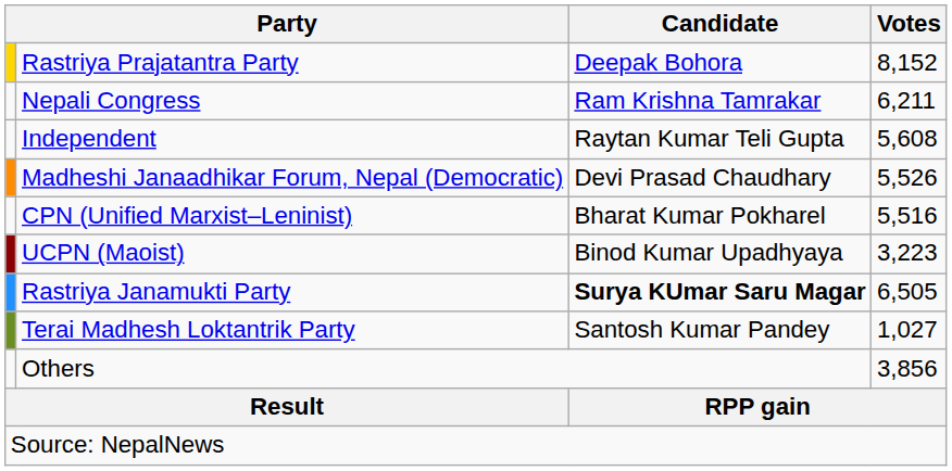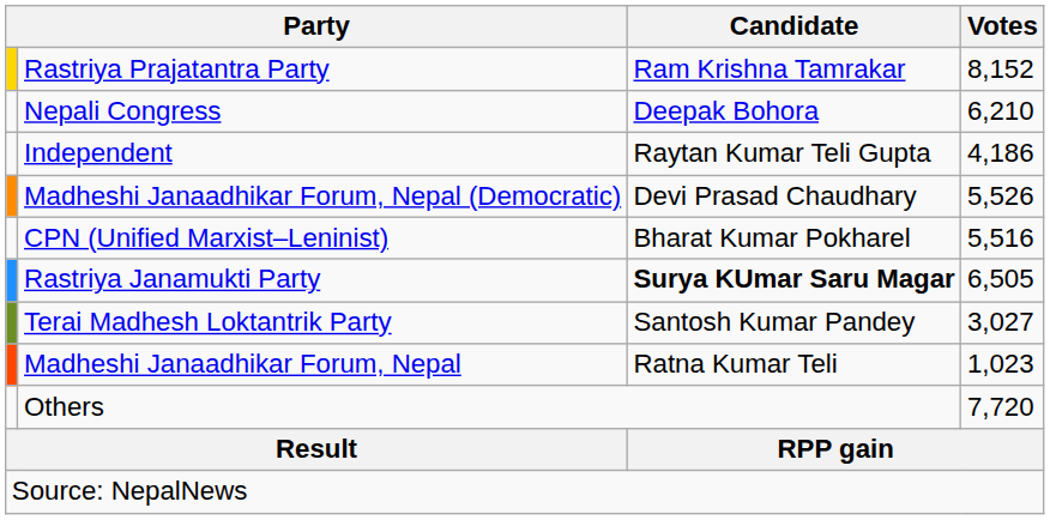 <table class="wikitable">
 <tr>
 <th colspan="2">Party</th>
 <th>Candidate</th>
 <th>Votes</th>
 </tr>
 <tr>
 <td style="background-color:gold"></td>
 <td><a href='#'>Rastriya Prajatantra Party</a></td>
-<td><a href='#'>Deepak Bohora</a></td>
+<td><a href='#'>Ram Krishna Tamrakar</a></td>
 <td>8,152</td>
 </tr>
 <tr>
 <td style="background-color:"></td>
 <td><a href='#'>Nepali Congress</a></td>
-<td><a href='#'>Ram Krishna Tamrakar</a></td>
-<td>6,211</td>
+<td><a href='#'>Deepak Bohora</a></td>
+<td>6,210</td>
 </tr>
 <tr>
 <td style="background-color:"></td>
 <td><a href='#'>Independent</a></td>
 <td>Raytan Kumar Teli Gupta</td>
-<td>5,608</td>
+<td>4,186</td>
 </tr>
 <tr>
 <td style="background-color:darkorange"></td>
 <td><a href='#'>Madheshi Janaadhikar Forum, Nepal (Democratic)</a></td>
 <td>Devi Prasad Chaudhary</td>
 <td>5,526</td>
 </tr>
 <tr>
 <td style="background-color:"></td>
 <td><a href='#'>CPN (Unified Marxist–Leninist)</a></td>
 <td>Bharat Kumar Pokharel</td>
 <td>5,516</td>
 </tr>
 <tr>
-<td style="background-color:darkred"></td>
-<td><a href='#'>UCPN (Maoist)</a></td>
-<td>Binod Kumar Upadhyaya</td>
-<td>3,223</td>
-</tr>
-<tr>
 <td style="background-color:dodgerblue"></td>
 <td><a href='#'>Rastriya Janamukti Party</a></td>
 <td><strong>Surya KUmar Saru Magar</strong></td>
 <td>6,505</td>
 </tr>
 <tr>
 <td style="background-color:olivedrab"></td>
 <td><a href='#'>Terai Madhesh Loktantrik Party</a></td>
 <td>Santosh Kumar Pandey</td>
-<td>1,027</td>
+<td>3,027</td>
+</tr>
+<tr>
+<td style="background-color:orangered"></td>
+<td><a href='#'>Madheshi Janaadhikar Forum, Nepal</a></td>
+<td>Ratna Kumar Teli</td>
+<td>1,023</td>
 </tr>
 <tr>
 <td></td>
 <td colspan="2">Others</td>
-<td>3,856</td>
+<td>7,720</td>
 </tr>
 <tr>
 <th colspan="2">Result</th>
 <th colspan="2">RPP gain</th>
 </tr>
 <tr>
 <td colspan="4">Source: NepalNews</td>
 </tr>
 </table>
